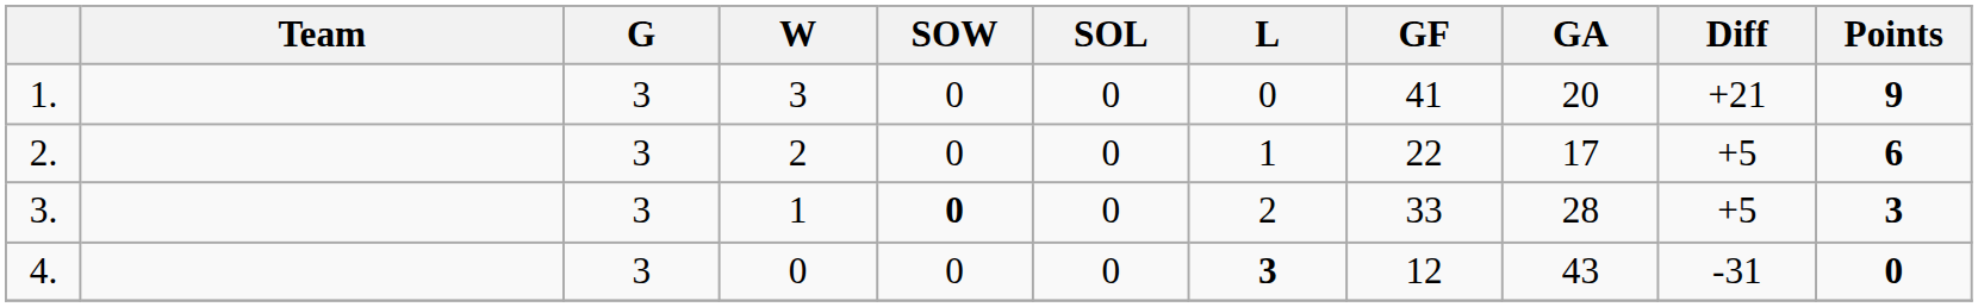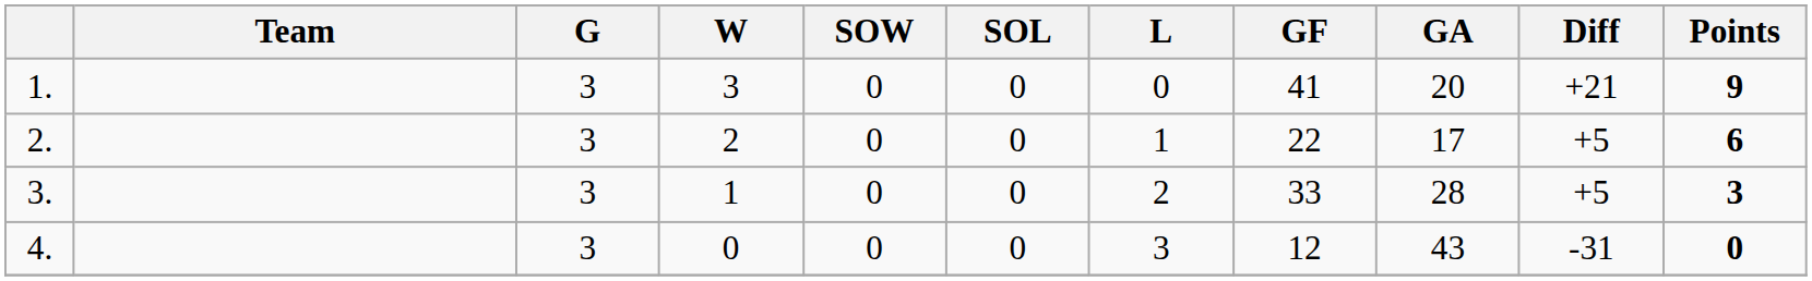 <table class=wikitable style="text-align:center">
 <tr bgcolor="#DCDCDC">
 <th width="25"></th>
 <th width="200">Team</th>
 <th width="60">G</th>
 <th width="60">W</th>
 <th width="60">SOW</th>
 <th width="60">SOL</th>
 <th width="60">L</th>
 <th width="60">GF</th>
 <th width="60">GA</th>
 <th width="60">Diff</th>
 <th width="60">Points</th>
 </tr>
 <tr>
 <td>1.</td>
 <td align=left></td>
 <td>3</td>
 <td>3</td>
 <td>0</td>
 <td>0</td>
 <td>0</td>
 <td>41</td>
 <td>20</td>
 <td>+21</td>
 <td><strong>9</strong></td>
 </tr>
 <tr>
 <td>2.</td>
 <td align=left></td>
 <td>3</td>
 <td>2</td>
 <td>0</td>
 <td>0</td>
 <td>1</td>
 <td>22</td>
 <td>17</td>
 <td>+5</td>
 <td><strong>6</strong></td>
 </tr>
 <tr>
 <td>3.</td>
 <td align=left></td>
 <td>3</td>
 <td>1</td>
-<td><strong>0</strong></td>
+<td>0</td>
 <td>0</td>
 <td>2</td>
 <td>33</td>
 <td>28</td>
 <td>+5</td>
 <td><strong>3</strong></td>
 </tr>
 <tr>
 <td>4.</td>
 <td align=left></td>
 <td>3</td>
 <td>0</td>
 <td>0</td>
 <td>0</td>
-<td><strong>3</strong></td>
+<td>3</td>
 <td>12</td>
 <td>43</td>
 <td>-31</td>
 <td><strong>0</strong></td>
 </tr>
 <tr>
 </tr>
 </table>
